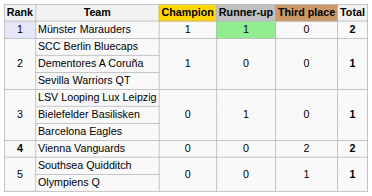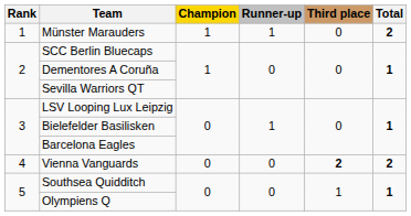 <table class="wikitable sortable" style="text-align:center;">
 <tr>
 <th>Rank</th>
 <th>Team</th>
 <th style="background:gold;">Champion</th>
 <th style="background:silver;">Runner-up</th>
 <th style="background:#c96;">Third place</th>
 <th>Total</th>
 </tr>
 <tr>
-<td rowspan=1 style="background: lavender;">1</td>
+<td rowspan=1>1</td>
 <td style="text-align:left;"> Münster Marauders</td>
 <td rowspan=1>1</td>
-<td rowspan=1 style="background: lightgreen;">1</td>
+<td rowspan=1>1</td>
 <td rowspan=1>0</td>
 <td rowspan=1><strong>2</strong></td>
 </tr>
 <tr>
 <td rowspan="3">2</td>
 <td style="text-align:left;"> SCC Berlin Bluecaps</td>
 <td rowspan="3">1</td>
 <td rowspan="3">0</td>
 <td rowspan="3">0</td>
 <td rowspan="3"><strong>1</strong></td>
 </tr>
 <tr>
 <td style="text-align:left;"> Dementores A Coruña</td>
 </tr>
 <tr>
 <td style="text-align:left;">  Sevilla Warriors QT</td>
 </tr>
 <tr>
 <td rowspan=3>3</td>
 <td style="text-align:left;"> LSV Looping Lux Leipzig</td>
 <td rowspan=3>0</td>
 <td rowspan=3>1</td>
 <td rowspan=3>0</td>
 <td rowspan=3><strong>1</strong></td>
 </tr>
 <tr>
 <td style="text-align:left;"> Bielefelder Basilisken</td>
 </tr>
 <tr>
 <td style="text-align:left;"> Barcelona Eagles</td>
 </tr>
 <tr>
-<td rowspan=1><strong>4</strong></td>
+<td rowspan=1>4</td>
 <td style="text-align:left;"> Vienna Vanguards</td>
 <td rowspan=1>0</td>
 <td rowspan=1>0</td>
-<td rowspan=1>2</td>
+<td rowspan=1><strong>2</strong></td>
 <td rowspan=1><strong>2</strong></td>
 </tr>
 <tr>
 <td rowspan=2>5</td>
 <td style="text-align:left;"> Southsea Quidditch</td>
 <td rowspan=2>0</td>
 <td rowspan=2>0</td>
 <td rowspan=2>1</td>
 <td rowspan=2><strong>1</strong></td>
 </tr>
 <tr>
 <td style="text-align:left;"> Olympiens Q</td>
 </tr>
 </table>
